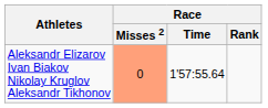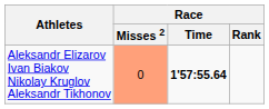 <table class="wikitable" border="1" style="font-size:90%">
 <tr>
 <th rowspan=2>Athletes</th>
 <th colspan=3>Race</th>
 </tr>
 <tr>
 <th>Misses <sup>2</sup></th>
 <th>Time</th>
 <th>Rank</th>
 </tr>
 <tr>
 <td><a href='#'>Aleksandr Elizarov</a><br><a href='#'>Ivan Biakov</a><br><a href='#'>Nikolay Kruglov</a><br><a href='#'>Aleksandr Tikhonov</a></td>
 <td align=center style="background: lightsalmon;">0</td>
-<td align=center>1'57:55.64</td>
+<td align=center><strong>1'57:55.64</strong></td>
 <td align=center></td>
 </tr>
 </table>
